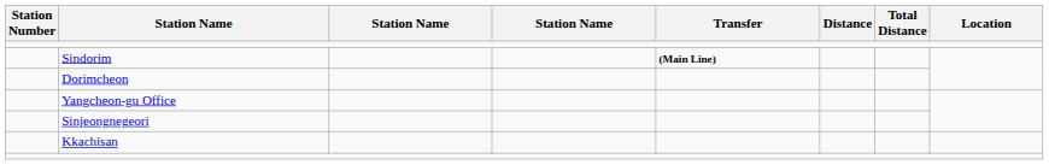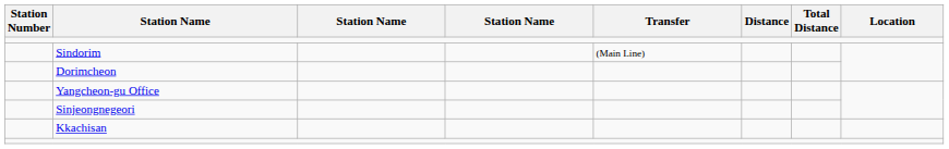 <table class="wikitable">
 <tr>
 <th>Station<br>Number</th>
 <th style="width:250pt;">Station Name<br></th>
 <th style="width:150pt;">Station Name<br></th>
 <th style="width:150pt;">Station Name<br></th>
 <th style="width:150pt;">Transfer</th>
 <th>Distance<br></th>
 <th>Total<br>Distance</th>
 <th>Location</th>
 </tr>
 <tr style="background:#">
 <td colspan = "10"></td>
 </tr>
 <tr>
 <td></td>
 <td><a href='#'>Sindorim</a></td>
 <td></td>
 <td></td>
-<td><strong>  <small>(Main Line)</small></strong></td>
+<td>  <small>(Main Line)</small></td>
 <td></td>
 <td></td>
 <td rowspan="2" style="width:100pt;"></td>
 </tr>
 <tr>
 <td></td>
 <td><a href='#'>Dorimcheon</a></td>
 <td></td>
 <td></td>
 <td></td>
 <td></td>
 <td></td>
 </tr>
 <tr>
 <td></td>
 <td><a href='#'>Yangcheon-gu Office</a></td>
 <td></td>
 <td></td>
 <td></td>
 <td></td>
 <td></td>
 <td rowspan = "2"></td>
 </tr>
 <tr>
 <td></td>
 <td><a href='#'>Sinjeongnegeori</a></td>
 <td></td>
 <td></td>
 <td></td>
 <td></td>
 <td></td>
 </tr>
 <tr>
 <td></td>
 <td><a href='#'>Kkachisan</a></td>
 <td></td>
 <td></td>
 <td></td>
 <td></td>
 <td></td>
 <td></td>
 </tr>
 <tr style="background:#">
 <td colspan = "10"></td>
 </tr>
 </table>
